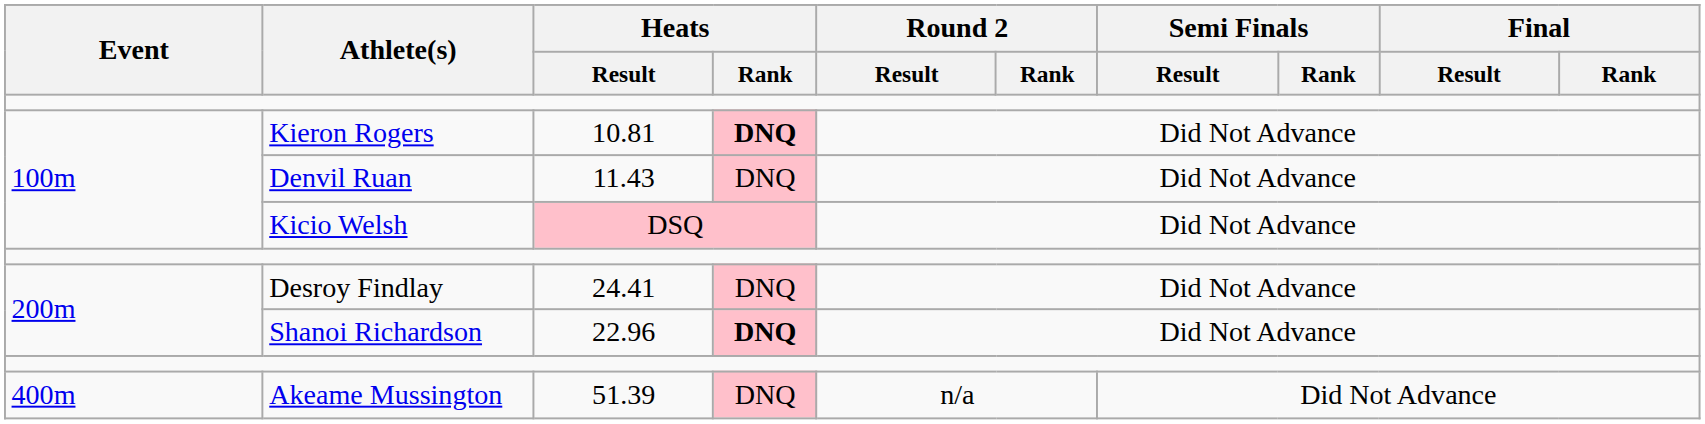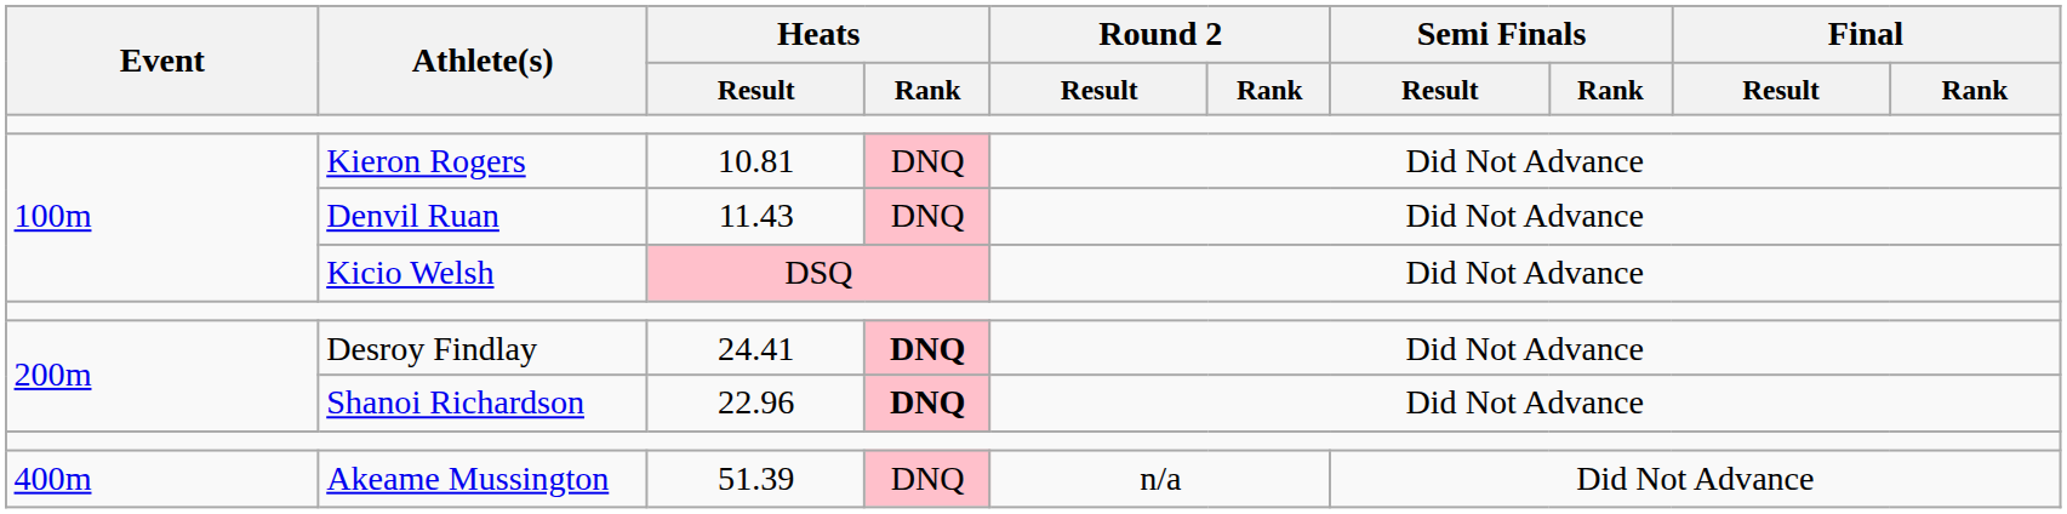 <table class=wikitable style="font-size:90%">
 <tr>
 <th rowspan="2" style="width:150px;">Event</th>
 <th rowspan="2" style="width:150px;">Athlete(s)</th>
 <th colspan="2" style="width:150px;">Heats</th>
 <th colspan="2" style="width:150px;">Round 2</th>
 <th colspan="2" style="width:150px;">Semi Finals</th>
 <th colspan="2" style="width:175px;">Final</th>
 </tr>
 <tr>
 <th style="line-height:1em; width:100px;"><small>Result</small></th>
 <th style="line-height:1em; width:50px;"><small>Rank</small></th>
 <th style="line-height:1em; width:100px;"><small>Result</small></th>
 <th style="line-height:1em; width:50px;"><small>Rank</small></th>
 <th style="line-height:1em; width:100px;"><small>Result</small></th>
 <th style="line-height:1em; width:50px;"><small>Rank</small></th>
 <th style="line-height:1em; width:100px;"><small>Result</small></th>
 <th style="line-height:1em; width:75px;"><small>Rank</small></th>
 </tr>
 <tr>
 <td colspan="10" style="height:1px;;"></td>
 </tr>
 <tr>
 <td rowspan="3"><a href='#'>100m</a></td>
 <td><a href='#'>Kieron Rogers</a></td>
 <td style="text-align:center;">10.81</td>
-<td style="text-align:center;" bgcolor="pink"><strong>DNQ</strong></td>
+<td style="text-align:center;" bgcolor="pink">DNQ</td>
 <td colspan="6" style="text-align:center;">Did Not Advance</td>
 </tr>
 <tr>
 <td><a href='#'>Denvil Ruan</a></td>
 <td style="text-align:center;">11.43</td>
 <td style="text-align:center;" bgcolor="pink">DNQ</td>
 <td colspan="6" style="text-align:center;">Did Not Advance</td>
 </tr>
 <tr>
 <td><a href='#'>Kicio Welsh</a></td>
 <td colspan="2" style="text-align:center;" bgcolor="pink">DSQ</td>
 <td colspan="6" style="text-align:center;">Did Not Advance</td>
 </tr>
 <tr>
 <td colspan="10" style="height:1px;;"></td>
 </tr>
 <tr>
 <td rowspan="2"><a href='#'>200m</a></td>
 <td>Desroy Findlay</td>
 <td style="text-align:center;">24.41</td>
-<td style="text-align:center;" bgcolor="pink">DNQ</td>
+<td style="text-align:center;" bgcolor="pink"><strong>DNQ</strong></td>
 <td colspan="6" style="text-align:center;">Did Not Advance</td>
 </tr>
 <tr>
 <td><a href='#'>Shanoi Richardson</a></td>
 <td style="text-align:center;">22.96</td>
 <td style="text-align:center;" bgcolor="pink"><strong>DNQ</strong></td>
 <td colspan="6" style="text-align:center;">Did Not Advance</td>
 </tr>
 <tr>
 <td colspan="10" style="height:1px;;"></td>
 </tr>
 <tr>
 <td rowspan="3"><a href='#'>400m</a></td>
 <td><a href='#'>Akeame Mussington</a></td>
 <td style="text-align:center;">51.39</td>
 <td style="text-align:center;" bgcolor="pink">DNQ</td>
 <td colspan="2" style="text-align:center;">n/a</td>
 <td colspan="4" style="text-align:center;">Did Not Advance</td>
 </tr>
 </table>
